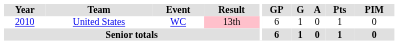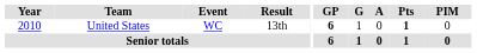 <table border="0" cellpadding="1" cellspacing="0" ID="Table3" style="text-align:center; width:40em">
 <tr ALIGN="center" bgcolor="#e0e0e0">
 <th>Year</th>
 <th>Team</th>
 <th>Event</th>
 <th>Result</th>
 <th rowspan="99" bgcolor="#ffffff"></th>
 <th>GP</th>
 <th>G</th>
 <th>A</th>
 <th>Pts</th>
 <th>PIM</th>
 </tr>
 <tr>
 <td><a href='#'>2010</a></td>
 <td><a href='#'>United States</a></td>
 <td><a href='#'>WC</a></td>
-<td style="background: pink;">13th</td>
-<td>6</td>
+<td>13th</td>
+<td><strong>6</strong></td>
 <td>1</td>
 <td>0</td>
-<td>1</td>
+<td><strong>1</strong></td>
 <td>0</td>
 </tr>
 <tr bgcolor="#e0e0e0">
 <th colspan=4>Senior totals</th>
 <th>6</th>
 <th>1</th>
 <th>0</th>
 <th>1</th>
 <th>0</th>
 </tr>
 </table>
